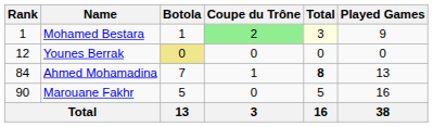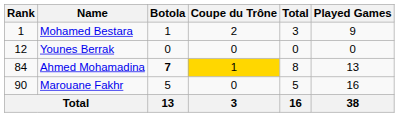 <table class="wikitable" style="text-align: center">
 <tr>
 <th>Rank</th>
 <th>Name</th>
 <th>Botola</th>
 <th>Coupe du Trône</th>
 <th>Total</th>
 <th>Played Games</th>
 </tr>
 <tr>
 <td>1</td>
 <td align=left> <a href='#'>Mohamed Bestara</a></td>
 <td>1</td>
-<td style="background: lightgreen;">2</td>
-<td style="background: lightyellow;">3</td>
+<td>2</td>
+<td>3</td>
 <td>9</td>
 </tr>
 <tr>
 <td>12</td>
 <td align=left> <a href='#'>Younes Berrak</a></td>
-<td style="background: khaki;">0</td>
+<td>0</td>
 <td>0</td>
 <td>0</td>
 <td>0</td>
 </tr>
 <tr>
 <td>84</td>
 <td align=left> <a href='#'>Ahmed Mohamadina</a></td>
-<td>7</td>
-<td>1</td>
-<td><strong>8</strong></td>
+<td><strong>7</strong></td>
+<td style="background: gold;">1</td>
+<td>8</td>
 <td>13</td>
 </tr>
 <tr>
 <td>90</td>
 <td align=left> <a href='#'>Marouane Fakhr</a></td>
 <td>5</td>
 <td>0</td>
 <td>5</td>
 <td>16</td>
 </tr>
 <tr>
 <th colspan=2>Total</th>
 <th>13</th>
 <th>3</th>
 <th>16</th>
 <th>38</th>
 </tr>
 </table>
